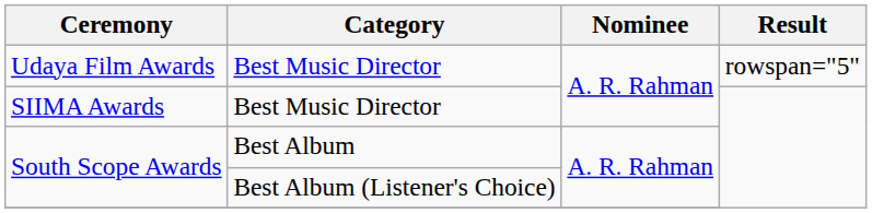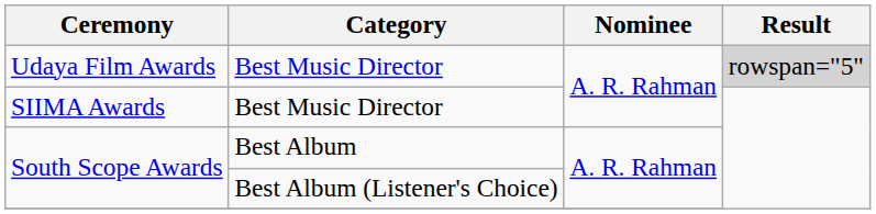 <table class="wikitable">
 <tr>
 <th>Ceremony</th>
 <th>Category</th>
 <th>Nominee</th>
 <th>Result</th>
 </tr>
 <tr>
 <td rowspan="1"><a href='#'>Udaya Film Awards</a></td>
 <td><a href='#'>Best Music Director</a></td>
 <td rowspan="3"><a href='#'>A. R. Rahman</a></td>
-<td>rowspan="5" </td>
+<td style="background: lightgrey;">rowspan="5" </td>
 </tr>
 <tr>
 <td rowspan="1"><a href='#'>SIIMA Awards</a></td>
 <td rowspan="2">Best Music Director</td>
 </tr>
 <tr>
 <td rowspan="3"><a href='#'>South Scope Awards</a></td>
 </tr>
 <tr>
 <td>Best Album</td>
 <td rowspan="2"><a href='#'>A. R. Rahman</a></td>
 </tr>
 <tr>
 <td>Best Album (Listener's Choice)</td>
 </tr>
 <tr>
 </tr>
 </table>
